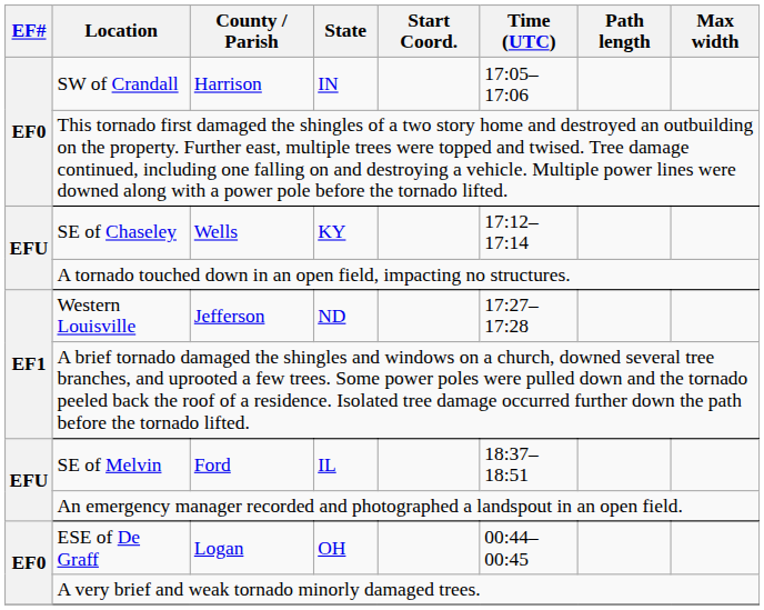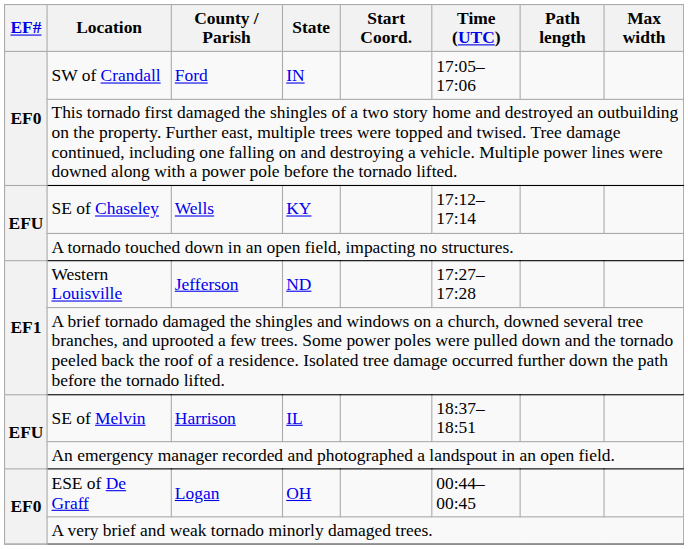 <table class="wikitable sortable" style="width:100%;">
 <tr>
 <th scope="col" width="2%" align="center"><a href='#'>EF#</a></th>
 <th scope="col" align="center" class="unsortable">Location</th>
 <th scope="col" align="center" class="unsortable">County / Parish</th>
 <th scope="col" align="center">State</th>
 <th scope="col" align="center">Start Coord.</th>
 <th scope="col" align="center">Time (<a href='#'>UTC</a>)</th>
 <th scope="col" align="center">Path length</th>
 <th scope="col" align="center">Max width</th>
 </tr>
 <tr>
 <th scope="row" rowspan="2" style="background-color:#">EF0</th>
 <td>SW of <a href='#'>Crandall</a></td>
-<td><a href='#'>Harrison</a></td>
+<td><a href='#'>Ford</a></td>
 <td><a href='#'>IN</a></td>
 <td></td>
 <td>17:05–17:06</td>
 <td></td>
 <td></td>
 </tr>
 <tr class="expand-child">
 <td colspan="8" style=" border-bottom: 1px solid black;">This tornado first damaged the shingles of a two story home and destroyed an outbuilding on the property. Further east, multiple trees were topped and twised. Tree damage continued, including one falling on and destroying a vehicle. Multiple power lines were downed along with a power pole before the tornado lifted.</td>
 </tr>
 <tr>
 <th scope="row" rowspan="2" style="background-color:#">EFU</th>
 <td>SE of <a href='#'>Chaseley</a></td>
 <td><a href='#'>Wells</a></td>
 <td><a href='#'>KY</a></td>
 <td></td>
 <td>17:12–17:14</td>
 <td></td>
 <td></td>
 </tr>
 <tr class="expand-child">
 <td colspan="8" style=" border-bottom: 1px solid black;">A tornado touched down in an open field, impacting no structures.</td>
 </tr>
 <tr>
 <th scope="row" rowspan="2" style="background-color:#">EF1</th>
 <td>Western <a href='#'>Louisville</a></td>
 <td><a href='#'>Jefferson</a></td>
 <td><a href='#'>ND</a></td>
 <td></td>
 <td>17:27–17:28</td>
 <td></td>
 <td></td>
 </tr>
 <tr class="expand-child">
 <td colspan="8" style=" border-bottom: 1px solid black;">A brief tornado damaged the shingles and windows on a church, downed several tree branches, and uprooted a few trees. Some power poles were pulled down and the tornado peeled back the roof of a residence. Isolated tree damage occurred further down the path before the tornado lifted.</td>
 </tr>
 <tr>
 <th scope="row" rowspan="2" style="background-color:#">EFU</th>
 <td>SE of <a href='#'>Melvin</a></td>
-<td><a href='#'>Ford</a></td>
+<td><a href='#'>Harrison</a></td>
 <td><a href='#'>IL</a></td>
 <td></td>
 <td>18:37–18:51</td>
 <td></td>
 <td></td>
 </tr>
 <tr class="expand-child">
 <td colspan="8" style=" border-bottom: 1px solid black;">An emergency manager recorded and photographed a landspout in an open field.</td>
 </tr>
 <tr>
 <th scope="row" rowspan="2" style="background-color:#">EF0</th>
 <td>ESE of <a href='#'>De Graff</a></td>
 <td><a href='#'>Logan</a></td>
 <td><a href='#'>OH</a></td>
 <td></td>
 <td>00:44–00:45</td>
 <td></td>
 <td></td>
 </tr>
 <tr class="expand-child">
 <td colspan="8" style=" border-bottom: 1px solid black;">A very brief and weak tornado minorly damaged trees.</td>
 </tr>
 <tr>
 </tr>
 </table>
